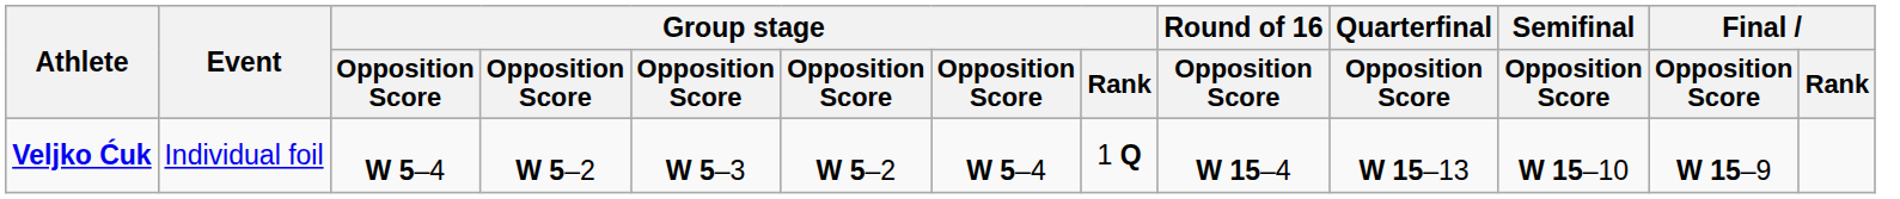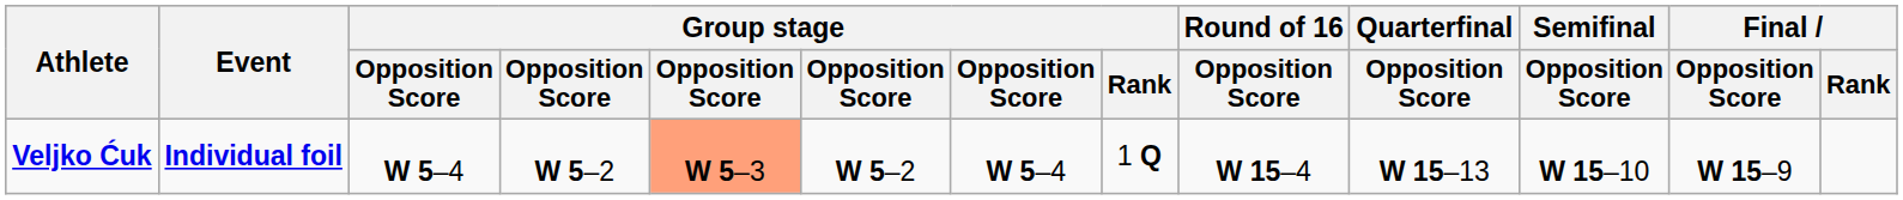 <table class=wikitable style="font-size:90%">
 <tr>
 <th rowspan=2>Athlete</th>
 <th rowspan=2>Event</th>
 <th colspan=6>Group stage</th>
 <th>Round of 16</th>
 <th>Quarterfinal</th>
 <th>Semifinal</th>
 <th colspan=2>Final / </th>
 </tr>
 <tr style="font-size:95%">
 <th>Opposition<br>Score</th>
 <th>Opposition<br>Score</th>
 <th>Opposition<br>Score</th>
 <th>Opposition<br>Score</th>
 <th>Opposition<br>Score</th>
 <th>Rank</th>
 <th>Opposition<br>Score</th>
 <th>Opposition<br>Score</th>
 <th>Opposition<br>Score</th>
 <th>Opposition<br>Score</th>
 <th>Rank</th>
 </tr>
 <tr align=center>
 <td align=left><strong><a href='#'>Veljko Ćuk</a></strong></td>
-<td align=left><a href='#'>Individual foil</a></td>
+<td align=left><strong><a href='#'>Individual foil</a></strong></td>
 <td><br><strong>W</strong> <strong>5</strong>–4</td>
 <td><br><strong>W</strong> <strong>5</strong>–2</td>
-<td><br><strong>W</strong> <strong>5</strong>–3</td>
+<td style="background: lightsalmon;"><br><strong>W</strong> <strong>5</strong>–3</td>
 <td><br><strong>W</strong> <strong>5</strong>–2</td>
 <td><br><strong>W</strong> <strong>5</strong>–4</td>
 <td>1 <strong>Q</strong></td>
 <td><br><strong>W</strong> <strong>15</strong>–4</td>
 <td><br><strong>W</strong> <strong>15</strong>–13</td>
 <td><br><strong>W</strong> <strong>15</strong>–10</td>
 <td><br><strong>W</strong> <strong>15</strong>–9</td>
 <td></td>
 </tr>
 </table>
